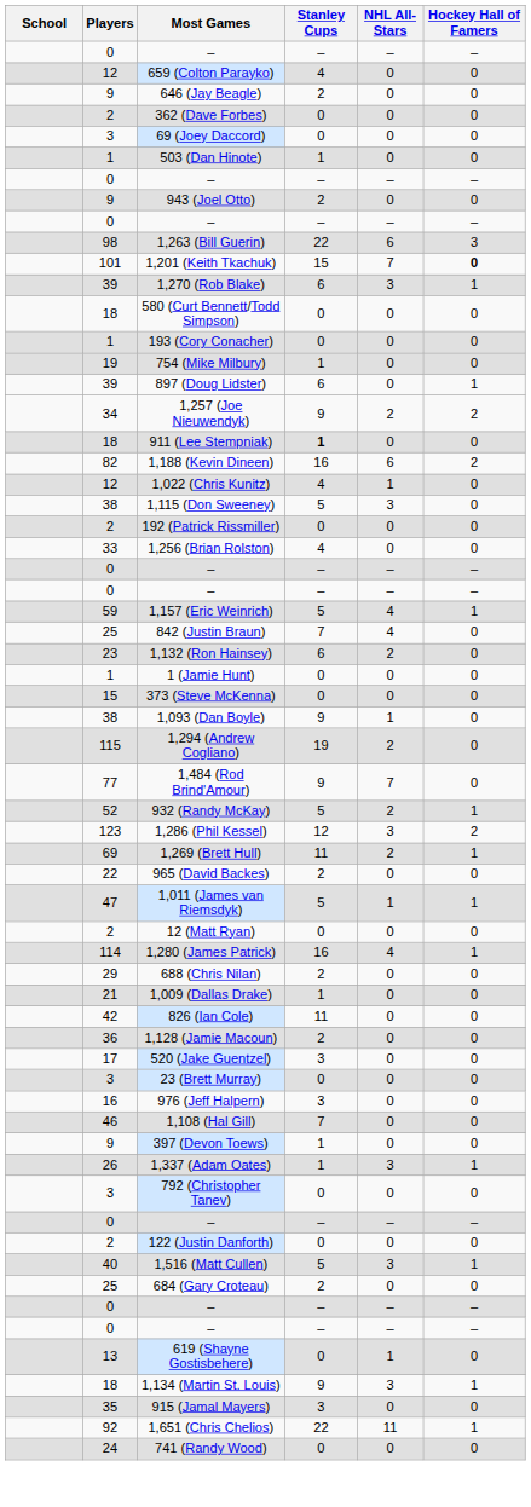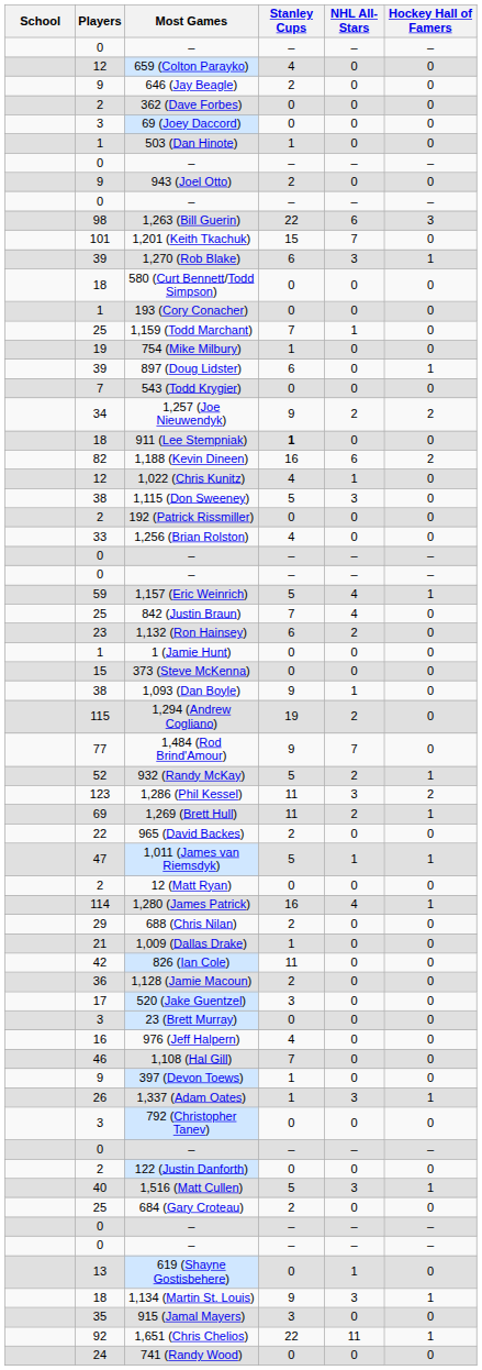 <table class="sortable wikitable" width =100%>
 <tr>
 <th width="15%">School</th>
 <th>Players</th>
 <th>Most Games</th>
 <th><a href='#'>Stanley Cups</a></th>
 <th><a href='#'>NHL All-Stars</a></th>
 <th><a href='#'>Hockey Hall of Famers</a></th>
 </tr>
 <tr align=center>
 <td><strong><a href='#'></a></strong></td>
 <td>0</td>
 <td>–</td>
 <td>–</td>
 <td>–</td>
 <td>–</td>
 </tr>
 <tr align=center bgcolor=e0e0e0>
 <td><strong><a href='#'></a></strong></td>
 <td>12</td>
 <td bgcolor=D0E7FF>659 (<a href='#'>Colton Parayko</a>)</td>
 <td>4</td>
 <td>0</td>
 <td>0</td>
 </tr>
 <tr align=center>
 <td><strong><a href='#'></a></strong></td>
 <td>9</td>
 <td>646 (<a href='#'>Jay Beagle</a>)</td>
 <td>2</td>
 <td>0</td>
 <td>0</td>
 </tr>
 <tr align=center bgcolor=e0e0e0>
 <td><strong><a href='#'></a></strong></td>
 <td>2</td>
 <td>362 (<a href='#'>Dave Forbes</a>)</td>
 <td>0</td>
 <td>0</td>
 <td>0</td>
 </tr>
 <tr align=center>
 <td><strong><a href='#'></a></strong></td>
 <td>3</td>
 <td bgcolor=D0E7FF>69 (<a href='#'>Joey Daccord</a>)</td>
 <td>0</td>
 <td>0</td>
 <td>0</td>
 </tr>
 <tr align=center bgcolor=e0e0e0>
 <td><strong><a href='#'></a></strong></td>
 <td>1</td>
 <td>503 (<a href='#'>Dan Hinote</a>)</td>
 <td>1</td>
 <td>0</td>
 <td>0</td>
 </tr>
 <tr align=center>
 <td><strong><a href='#'></a></strong></td>
 <td>0</td>
 <td>–</td>
 <td>–</td>
 <td>–</td>
 <td>–</td>
 </tr>
 <tr align=center bgcolor=e0e0e0>
 <td><strong><a href='#'></a></strong></td>
 <td>9</td>
 <td>943 (<a href='#'>Joel Otto</a>)</td>
 <td>2</td>
 <td>0</td>
 <td>0</td>
 </tr>
 <tr align=center>
 <td><strong><a href='#'></a></strong></td>
 <td>0</td>
 <td>–</td>
 <td>–</td>
 <td>–</td>
 <td>–</td>
 </tr>
 <tr align=center bgcolor=e0e0e0>
 <td><strong><a href='#'></a></strong></td>
 <td>98</td>
 <td data-sort-value="1263">1,263 (<a href='#'>Bill Guerin</a>)</td>
 <td>22</td>
 <td>6</td>
 <td>3</td>
 </tr>
 <tr align=center>
 <td><strong><a href='#'></a></strong></td>
 <td>101</td>
 <td data-sort-value="1201">1,201 (<a href='#'>Keith Tkachuk</a>)</td>
 <td>15</td>
 <td>7</td>
-<td><strong>0</strong></td>
+<td>0</td>
 </tr>
 <tr align=center bgcolor=e0e0e0>
 <td><strong><a href='#'></a></strong></td>
 <td>39</td>
 <td data-sort-value="1270">1,270 (<a href='#'>Rob Blake</a>)</td>
 <td>6</td>
 <td>3</td>
 <td>1</td>
 </tr>
 <tr align=center>
 <td><strong><a href='#'></a></strong></td>
 <td>18</td>
 <td>580 (<a href='#'>Curt Bennett</a>/<a href='#'>Todd Simpson</a>)</td>
 <td>0</td>
 <td>0</td>
 <td>0</td>
 </tr>
 <tr align=center bgcolor=e0e0e0>
 <td><strong><a href='#'></a></strong></td>
 <td>1</td>
 <td>193 (<a href='#'>Cory Conacher</a>)</td>
 <td>0</td>
 <td>0</td>
 <td>0</td>
 </tr>
+<tr align=center>
+<td><strong><a href='#'></a></strong></td>
+<td>25</td>
+<td data-sort-value="1159">1,159 (<a href='#'>Todd Marchant</a>)</td>
+<td>7</td>
+<td>1</td>
+<td>0</td>
+</tr>
 <tr align=center bgcolor=e0e0e0>
 <td><strong><a href='#'></a></strong></td>
 <td>19</td>
 <td>754 (<a href='#'>Mike Milbury</a>)</td>
 <td>1</td>
 <td>0</td>
 <td>0</td>
 </tr>
 <tr align=center>
 <td><strong><a href='#'></a></strong></td>
 <td>39</td>
 <td>897 (<a href='#'>Doug Lidster</a>)</td>
 <td>6</td>
 <td>0</td>
 <td>1</td>
+</tr>
+<tr align=center bgcolor=e0e0e0>
+<td><strong><a href='#'></a></strong></td>
+<td>7</td>
+<td>543 (<a href='#'>Todd Krygier</a>)</td>
+<td>0</td>
+<td>0</td>
+<td>0</td>
 </tr>
 <tr align=center>
 <td><strong><a href='#'></a></strong></td>
 <td>34</td>
 <td data-sort-value="1257">1,257 (<a href='#'>Joe Nieuwendyk</a>)</td>
 <td>9</td>
 <td>2</td>
 <td>2</td>
 </tr>
 <tr align=center bgcolor=e0e0e0>
 <td><strong><a href='#'></a></strong></td>
 <td>18</td>
 <td>911 (<a href='#'>Lee Stempniak</a>)</td>
 <td><strong>1</strong></td>
 <td>0</td>
 <td>0</td>
 </tr>
 <tr align=center>
 <td><strong><a href='#'></a></strong></td>
 <td>82</td>
 <td data-sort-value="1188">1,188 (<a href='#'>Kevin Dineen</a>)</td>
 <td>16</td>
 <td>6</td>
 <td>2</td>
 </tr>
 <tr align=center bgcolor=e0e0e0>
 <td><strong><a href='#'></a></strong></td>
 <td>12</td>
 <td data-sort-value="1022">1,022 (<a href='#'>Chris Kunitz</a>)</td>
 <td>4</td>
 <td>1</td>
 <td>0</td>
 </tr>
 <tr align=center>
 <td><strong><a href='#'></a></strong></td>
 <td>38</td>
 <td data-sort-value="1115">1,115 (<a href='#'>Don Sweeney</a>)</td>
 <td>5</td>
 <td>3</td>
 <td>0</td>
 </tr>
 <tr align=center bgcolor=e0e0e0>
 <td><strong><a href='#'></a></strong></td>
 <td>2</td>
 <td>192 (<a href='#'>Patrick Rissmiller</a>)</td>
 <td>0</td>
 <td>0</td>
 <td>0</td>
 </tr>
 <tr align=center>
 <td><strong><a href='#'></a></strong></td>
 <td>33</td>
 <td data-sort-value="1256">1,256 (<a href='#'>Brian Rolston</a>)</td>
 <td>4</td>
 <td>0</td>
 <td>0</td>
 </tr>
 <tr align=center bgcolor=e0e0e0>
 <td><strong><a href='#'></a></strong></td>
 <td>0</td>
 <td>–</td>
 <td>–</td>
 <td>–</td>
 <td>–</td>
 </tr>
 <tr align=center>
 <td><strong><a href='#'></a></strong></td>
 <td>0</td>
 <td>–</td>
 <td>–</td>
 <td>–</td>
 <td>–</td>
 </tr>
 <tr align=center bgcolor=e0e0e0>
 <td><strong><a href='#'></a></strong></td>
 <td>59</td>
 <td data-sort-value="1157">1,157 (<a href='#'>Eric Weinrich</a>)</td>
 <td>5</td>
 <td>4</td>
 <td>1</td>
 </tr>
 <tr align=center>
 <td><strong><a href='#'></a></strong></td>
 <td>25</td>
 <td>842 (<a href='#'>Justin Braun</a>)</td>
 <td>7</td>
 <td>4</td>
 <td>0</td>
 </tr>
 <tr align=center bgcolor=e0e0e0>
 <td><strong><a href='#'></a></strong></td>
 <td>23</td>
 <td data-sort-value="1132">1,132 (<a href='#'>Ron Hainsey</a>)</td>
 <td>6</td>
 <td>2</td>
 <td>0</td>
 </tr>
 <tr align=center>
 <td><strong><a href='#'></a></strong></td>
 <td>1</td>
 <td>1 (<a href='#'>Jamie Hunt</a>)</td>
 <td>0</td>
 <td>0</td>
 <td>0</td>
 </tr>
 <tr align=center bgcolor=e0e0e0>
 <td><strong><a href='#'></a></strong></td>
 <td>15</td>
 <td>373 (<a href='#'>Steve McKenna</a>)</td>
 <td>0</td>
 <td>0</td>
 <td>0</td>
 </tr>
 <tr align=center>
 <td><strong><a href='#'></a></strong></td>
 <td>38</td>
 <td data-sort-value="1093">1,093 (<a href='#'>Dan Boyle</a>)</td>
 <td>9</td>
 <td>1</td>
 <td>0</td>
 </tr>
 <tr align=center bgcolor=e0e0e0>
 <td><strong><a href='#'></a></strong></td>
 <td>115</td>
 <td data-sort-value="1294">1,294 (<a href='#'>Andrew Cogliano</a>)</td>
 <td>19</td>
 <td>2</td>
 <td>0</td>
 </tr>
 <tr align=center>
 <td><strong><a href='#'></a></strong></td>
 <td>77</td>
 <td data-sort-value="1484">1,484 (<a href='#'>Rod Brind'Amour</a>)</td>
 <td>9</td>
 <td>7</td>
 <td>0</td>
 </tr>
 <tr align=center bgcolor=e0e0e0>
 <td><strong><a href='#'></a></strong></td>
 <td>52</td>
 <td>932 (<a href='#'>Randy McKay</a>)</td>
 <td>5</td>
 <td>2</td>
 <td>1</td>
 </tr>
 <tr align=center>
 <td><strong><a href='#'></a></strong></td>
 <td>123</td>
 <td data-sort-value="1286">1,286 (<a href='#'>Phil Kessel</a>)</td>
-<td>12</td>
+<td>11</td>
 <td>3</td>
 <td>2</td>
 </tr>
 <tr align=center bgcolor=e0e0e0>
 <td><strong><a href='#'></a></strong></td>
 <td>69</td>
 <td data-sort-value="1269">1,269 (<a href='#'>Brett Hull</a>)</td>
 <td>11</td>
 <td>2</td>
 <td>1</td>
 </tr>
 <tr align=center>
 <td><strong><a href='#'></a></strong></td>
 <td>22</td>
 <td>965 (<a href='#'>David Backes</a>)</td>
 <td>2</td>
 <td>0</td>
 <td>0</td>
 </tr>
 <tr align=center bgcolor=e0e0e0>
 <td><strong><a href='#'></a></strong></td>
 <td>47</td>
 <td bgcolor=D0E7FF data-sort-value="1011">1,011 (<a href='#'>James van Riemsdyk</a>)</td>
 <td>5</td>
 <td>1</td>
 <td>1</td>
 </tr>
 <tr align=center>
 <td><strong><a href='#'></a></strong></td>
 <td>2</td>
 <td>12 (<a href='#'>Matt Ryan</a>)</td>
 <td>0</td>
 <td>0</td>
 <td>0</td>
 </tr>
 <tr align=center bgcolor=e0e0e0>
 <td><strong><a href='#'></a></strong></td>
 <td>114</td>
 <td data-sort-value="1280">1,280 (<a href='#'>James Patrick</a>)</td>
 <td>16</td>
 <td>4</td>
 <td>1</td>
 </tr>
 <tr align=center>
 <td><strong><a href='#'></a></strong></td>
 <td>29</td>
 <td>688 (<a href='#'>Chris Nilan</a>)</td>
 <td>2</td>
 <td>0</td>
 <td>0</td>
 </tr>
 <tr align=center bgcolor=e0e0e0>
 <td><strong><a href='#'></a></strong></td>
 <td>21</td>
 <td data-sort-value="1009">1,009 (<a href='#'>Dallas Drake</a>)</td>
 <td>1</td>
 <td>0</td>
 <td>0</td>
 </tr>
 <tr align=center>
 <td><strong><a href='#'></a></strong></td>
 <td>42</td>
 <td bgcolor=D0E7FF>826 (<a href='#'>Ian Cole</a>)</td>
 <td>11</td>
 <td>0</td>
 <td>0</td>
 </tr>
 <tr align=center bgcolor=e0e0e0>
 <td><strong><a href='#'></a></strong></td>
 <td>36</td>
 <td data-sort-value="1128">1,128 (<a href='#'>Jamie Macoun</a>)</td>
 <td>2</td>
 <td>0</td>
 <td>0</td>
 </tr>
 <tr align=center>
 <td><strong><a href='#'></a></strong></td>
 <td>17</td>
 <td bgcolor=D0E7FF>520 (<a href='#'>Jake Guentzel</a>)</td>
 <td>3</td>
 <td>0</td>
 <td>0</td>
 </tr>
 <tr align=center bgcolor=e0e0e0>
 <td><strong><a href='#'></a></strong></td>
 <td>3</td>
 <td bgcolor=D0E7FF>23 (<a href='#'>Brett Murray</a>)</td>
 <td>0</td>
 <td>0</td>
 <td>0</td>
 </tr>
 <tr align=center>
 <td><strong><a href='#'></a></strong></td>
 <td>16</td>
 <td>976 (<a href='#'>Jeff Halpern</a>)</td>
-<td>3</td>
+<td>4</td>
 <td>0</td>
 <td>0</td>
 </tr>
 <tr align=center bgcolor=e0e0e0>
 <td><strong><a href='#'></a></strong></td>
 <td>46</td>
 <td data-sort-value="1108">1,108 (<a href='#'>Hal Gill</a>)</td>
 <td>7</td>
 <td>0</td>
 <td>0</td>
 </tr>
 <tr align=center>
 <td><strong><a href='#'></a></strong></td>
 <td>9</td>
 <td bgcolor=D0E7FF>397 (<a href='#'>Devon Toews</a>)</td>
 <td>1</td>
 <td>0</td>
 <td>0</td>
 </tr>
 <tr align=center bgcolor=e0e0e0>
 <td><strong><a href='#'></a></strong></td>
 <td>26</td>
 <td data-sort-value="1337">1,337 (<a href='#'>Adam Oates</a>)</td>
 <td>1</td>
 <td>3</td>
 <td>1</td>
 </tr>
 <tr align=center>
 <td><strong><a href='#'></a></strong></td>
 <td>3</td>
 <td bgcolor=D0E7FF>792 (<a href='#'>Christopher Tanev</a>)</td>
 <td>0</td>
 <td>0</td>
 <td>0</td>
 </tr>
 <tr align=center bgcolor=e0e0e0>
 <td><strong><a href='#'></a></strong></td>
 <td>0</td>
 <td>–</td>
 <td>–</td>
 <td>–</td>
 <td>–</td>
 </tr>
 <tr align=center>
 <td><strong><a href='#'></a></strong></td>
 <td>2</td>
 <td bgcolor=D0E7FF>122 (<a href='#'>Justin Danforth</a>)</td>
 <td>0</td>
 <td>0</td>
 <td>0</td>
 </tr>
 <tr align=center bgcolor=e0e0e0>
 <td><strong><a href='#'></a></strong></td>
 <td>40</td>
 <td data-sort-value="1516">1,516 (<a href='#'>Matt Cullen</a>)</td>
 <td>5</td>
 <td>3</td>
 <td>1</td>
 </tr>
 <tr align=center>
 <td><strong><a href='#'></a></strong></td>
 <td>25</td>
 <td>684 (<a href='#'>Gary Croteau</a>)</td>
 <td>2</td>
 <td>0</td>
 <td>0</td>
 </tr>
 <tr align=center bgcolor=e0e0e0>
 <td><strong><a href='#'></a></strong></td>
 <td>0</td>
 <td>–</td>
 <td>–</td>
 <td>–</td>
 <td>–</td>
 </tr>
 <tr align=center>
 <td><strong><a href='#'></a></strong></td>
 <td>0</td>
 <td>–</td>
 <td>–</td>
 <td>–</td>
 <td>–</td>
 </tr>
 <tr align=center bgcolor=e0e0e0>
 <td><strong><a href='#'></a></strong></td>
 <td>13</td>
 <td bgcolor=D0E7FF>619 (<a href='#'>Shayne Gostisbehere</a>)</td>
 <td>0</td>
 <td>1</td>
 <td>0</td>
 </tr>
 <tr align=center>
 <td><strong><a href='#'></a></strong></td>
 <td>18</td>
 <td data-sort-value="1134">1,134 (<a href='#'>Martin St. Louis</a>)</td>
 <td>9</td>
 <td>3</td>
 <td>1</td>
 </tr>
 <tr align=center bgcolor=e0e0e0>
 <td><strong><a href='#'></a></strong></td>
 <td>35</td>
 <td>915 (<a href='#'>Jamal Mayers</a>)</td>
 <td>3</td>
 <td>0</td>
 <td>0</td>
 </tr>
 <tr align=center>
 <td><strong><a href='#'></a></strong></td>
 <td>92</td>
 <td data-sort-value="1651">1,651 (<a href='#'>Chris Chelios</a>)</td>
 <td>22</td>
 <td>11</td>
 <td>1</td>
 </tr>
 <tr align=center bgcolor=e0e0e0>
 <td><strong><a href='#'></a></strong></td>
 <td>24</td>
 <td>741 (<a href='#'>Randy Wood</a>)</td>
 <td>0</td>
 <td>0</td>
 <td>0</td>
 </tr>
 </table>
